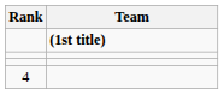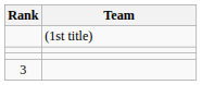 <table class=wikitable style="text-align:center;">
 <tr>
 <th>Rank</th>
 <th width=180>Team</th>
 </tr>
 <tr>
 <td></td>
-<td align=left><strong> (1st title)</strong></td>
+<td align=left> (1st title)</td>
 </tr>
 <tr>
 <td></td>
 <td align=left></td>
 </tr>
 <tr>
 <td></td>
 <td align=left></td>
 </tr>
 <tr>
-<td>4</td>
+<td>3</td>
 <td align=left></td>
 </tr>
 </table>
